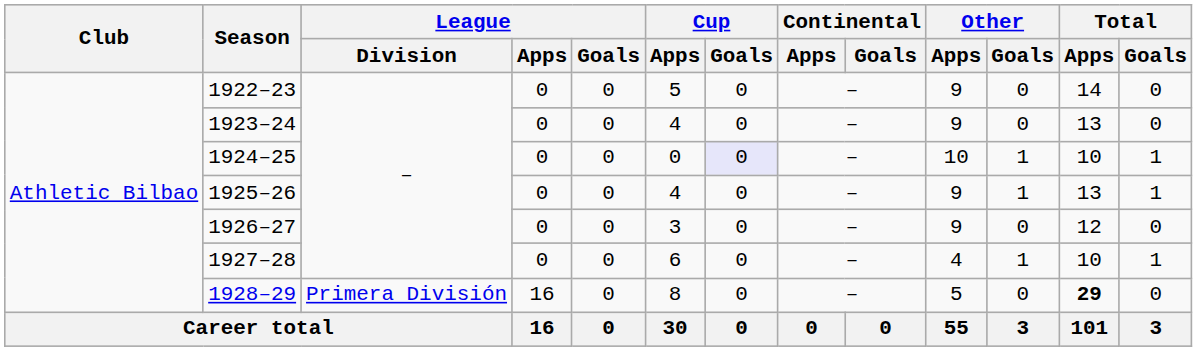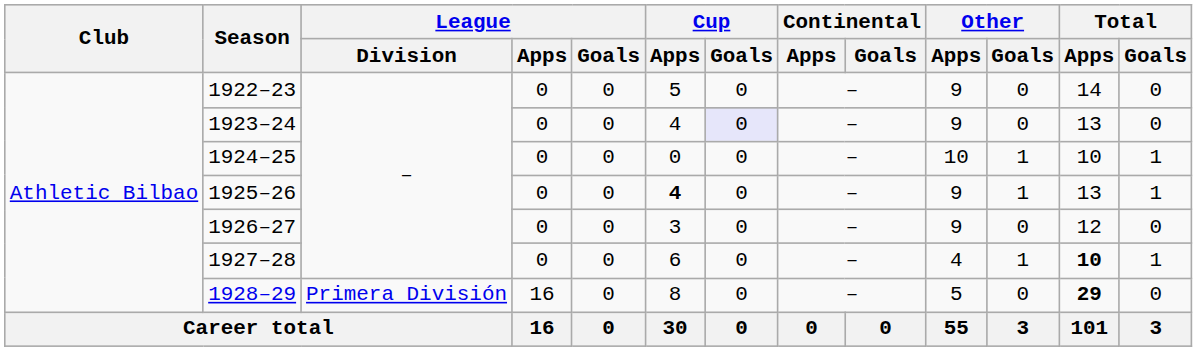 <table class="wikitable" style="text-align: center">
 <tr>
 <th rowspan="2">Club</th>
 <th rowspan="2">Season</th>
 <th colspan="3"><a href='#'>League</a></th>
 <th colspan="2"><a href='#'>Cup</a></th>
 <th colspan="2">Continental</th>
 <th colspan="2"><a href='#'>Other</a></th>
 <th colspan="2">Total</th>
 </tr>
 <tr>
 <th>Division</th>
 <th>Apps</th>
 <th>Goals</th>
 <th>Apps</th>
 <th>Goals</th>
 <th>Apps</th>
 <th>Goals</th>
 <th>Apps</th>
 <th>Goals</th>
 <th>Apps</th>
 <th>Goals</th>
 </tr>
 <tr>
 <td rowspan="7"><a href='#'>Athletic Bilbao</a></td>
 <td>1922–23</td>
 <td rowspan="6">–</td>
 <td>0</td>
 <td>0</td>
 <td>5</td>
 <td>0</td>
 <td colspan="2">–</td>
 <td>9</td>
 <td>0</td>
 <td>14</td>
 <td>0</td>
 </tr>
 <tr>
 <td>1923–24</td>
 <td>0</td>
 <td>0</td>
 <td>4</td>
-<td>0</td>
+<td style="background: lavender;">0</td>
 <td colspan="2">–</td>
 <td>9</td>
 <td>0</td>
 <td>13</td>
 <td>0</td>
 </tr>
 <tr>
 <td>1924–25</td>
 <td>0</td>
 <td>0</td>
 <td>0</td>
-<td style="background: lavender;">0</td>
+<td>0</td>
 <td colspan="2">–</td>
 <td>10</td>
 <td>1</td>
 <td>10</td>
 <td>1</td>
 </tr>
 <tr>
 <td>1925–26</td>
 <td>0</td>
 <td>0</td>
-<td>4</td>
+<td><strong>4</strong></td>
 <td>0</td>
 <td colspan="2">–</td>
 <td>9</td>
 <td>1</td>
 <td>13</td>
 <td>1</td>
 </tr>
 <tr>
 <td>1926–27</td>
 <td>0</td>
 <td>0</td>
 <td>3</td>
 <td>0</td>
 <td colspan="2">–</td>
 <td>9</td>
 <td>0</td>
 <td>12</td>
 <td>0</td>
 </tr>
 <tr>
 <td>1927–28</td>
 <td>0</td>
 <td>0</td>
 <td>6</td>
 <td>0</td>
 <td colspan="2">–</td>
 <td>4</td>
 <td>1</td>
-<td>10</td>
+<td><strong>10</strong></td>
 <td>1</td>
 </tr>
 <tr>
 <td><a href='#'>1928–29</a></td>
 <td><a href='#'>Primera División</a></td>
 <td>16</td>
 <td>0</td>
 <td>8</td>
 <td>0</td>
 <td colspan="2">–</td>
 <td>5</td>
 <td>0</td>
 <td><strong>29</strong></td>
 <td>0</td>
 </tr>
 <tr>
 <th colspan="3"><strong>Career total</strong></th>
 <th>16</th>
 <th>0</th>
 <th>30</th>
 <th>0</th>
 <th>0</th>
 <th>0</th>
 <th>55</th>
 <th>3</th>
 <th>101</th>
 <th>3</th>
 </tr>
 </table>
